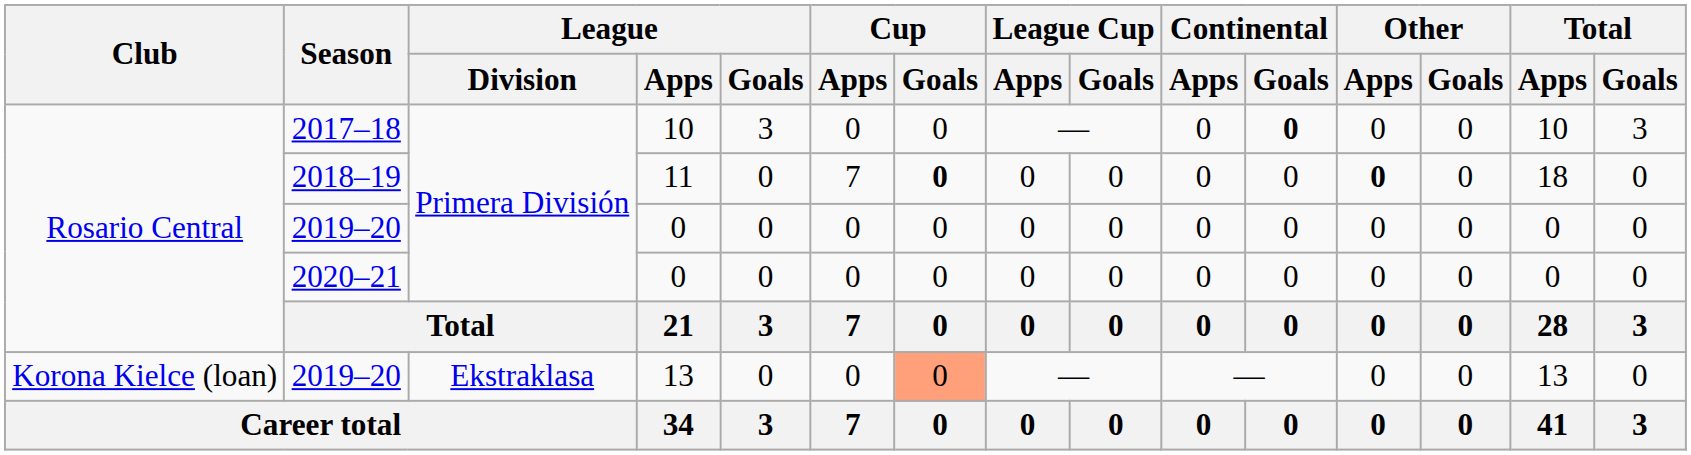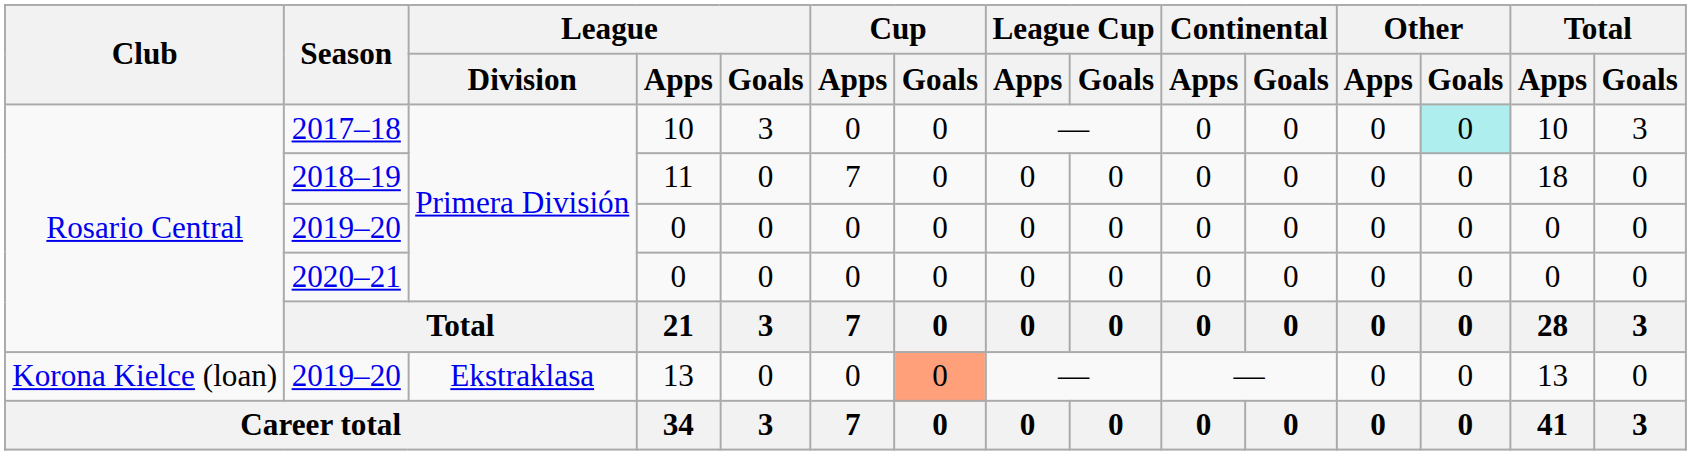 <table class="wikitable" style="text-align:center">
 <tr>
 <th rowspan="2">Club</th>
 <th rowspan="2">Season</th>
 <th colspan="3">League</th>
 <th colspan="2">Cup</th>
 <th colspan="2">League Cup</th>
 <th colspan="2">Continental</th>
 <th colspan="2">Other</th>
 <th colspan="2">Total</th>
 </tr>
 <tr>
 <th>Division</th>
 <th>Apps</th>
 <th>Goals</th>
 <th>Apps</th>
 <th>Goals</th>
 <th>Apps</th>
 <th>Goals</th>
 <th>Apps</th>
 <th>Goals</th>
 <th>Apps</th>
 <th>Goals</th>
 <th>Apps</th>
 <th>Goals</th>
 </tr>
 <tr>
 <td rowspan="5"><a href='#'>Rosario Central</a></td>
 <td><a href='#'>2017–18</a></td>
 <td rowspan="4"><a href='#'>Primera División</a></td>
 <td>10</td>
 <td>3</td>
 <td>0</td>
 <td>0</td>
 <td colspan="2">—</td>
 <td>0</td>
-<td><strong>0</strong></td>
 <td>0</td>
 <td>0</td>
+<td style="background: paleturquoise;">0</td>
 <td>10</td>
 <td>3</td>
 </tr>
 <tr>
 <td><a href='#'>2018–19</a></td>
 <td>11</td>
 <td>0</td>
 <td>7</td>
-<td><strong>0</strong></td>
 <td>0</td>
 <td>0</td>
 <td>0</td>
 <td>0</td>
-<td><strong>0</strong></td>
+<td>0</td>
+<td>0</td>
 <td>0</td>
 <td>18</td>
 <td>0</td>
 </tr>
 <tr>
 <td><a href='#'>2019–20</a></td>
 <td>0</td>
 <td>0</td>
 <td>0</td>
 <td>0</td>
 <td>0</td>
 <td>0</td>
 <td>0</td>
 <td>0</td>
 <td>0</td>
 <td>0</td>
 <td>0</td>
 <td>0</td>
 </tr>
 <tr>
 <td><a href='#'>2020–21</a></td>
 <td>0</td>
 <td>0</td>
 <td>0</td>
 <td>0</td>
 <td>0</td>
 <td>0</td>
 <td>0</td>
 <td>0</td>
 <td>0</td>
 <td>0</td>
 <td>0</td>
 <td>0</td>
 </tr>
 <tr>
 <th colspan="2">Total</th>
 <th>21</th>
 <th>3</th>
 <th>7</th>
 <th>0</th>
 <th>0</th>
 <th>0</th>
 <th>0</th>
 <th>0</th>
 <th>0</th>
 <th>0</th>
 <th>28</th>
 <th>3</th>
 </tr>
 <tr>
 <td rowspan="1"><a href='#'>Korona Kielce</a> (loan)</td>
 <td><a href='#'>2019–20</a></td>
 <td rowspan="1"><a href='#'>Ekstraklasa</a></td>
 <td>13</td>
 <td>0</td>
 <td>0</td>
 <td style="background: lightsalmon;">0</td>
 <td colspan="2">—</td>
 <td colspan="2">—</td>
 <td>0</td>
 <td>0</td>
 <td>13</td>
 <td>0</td>
 </tr>
 <tr>
 <th colspan="3">Career total</th>
 <th>34</th>
 <th>3</th>
 <th>7</th>
 <th>0</th>
 <th>0</th>
 <th>0</th>
 <th>0</th>
 <th>0</th>
 <th>0</th>
 <th>0</th>
 <th>41</th>
 <th>3</th>
 </tr>
 </table>
